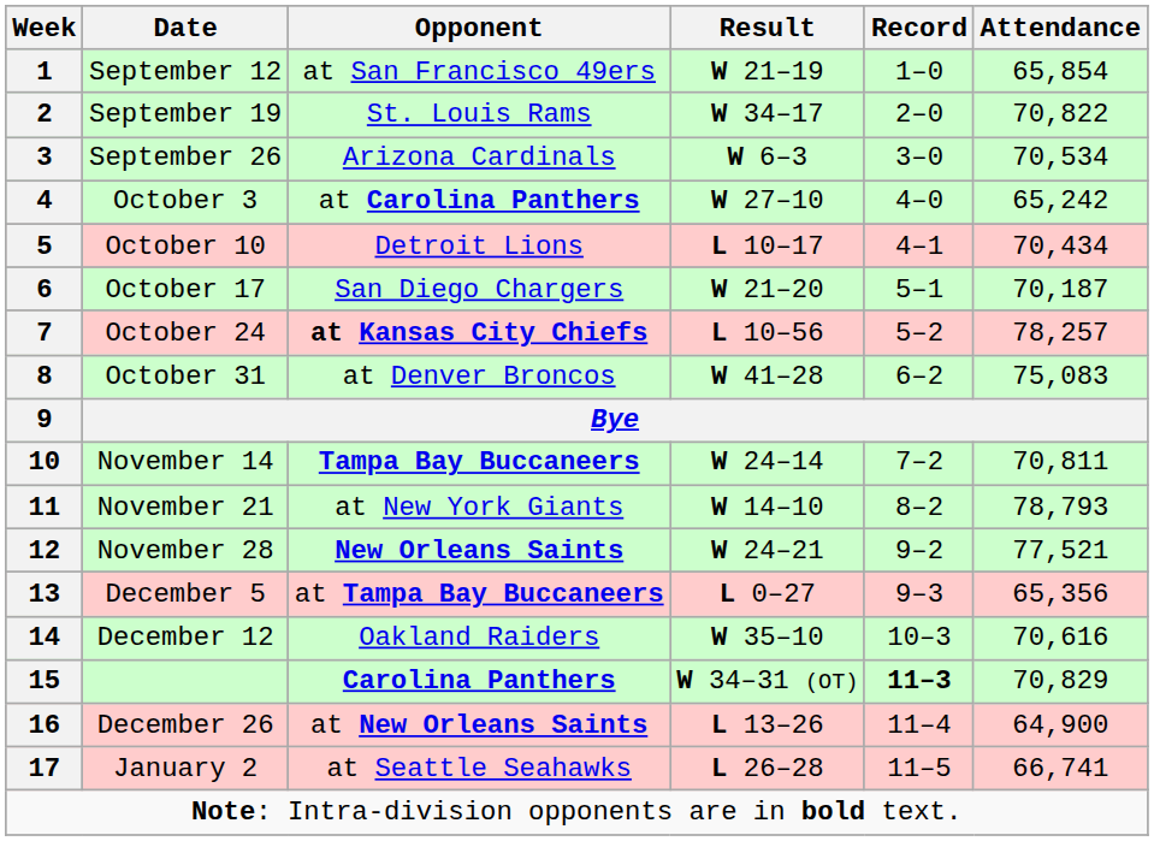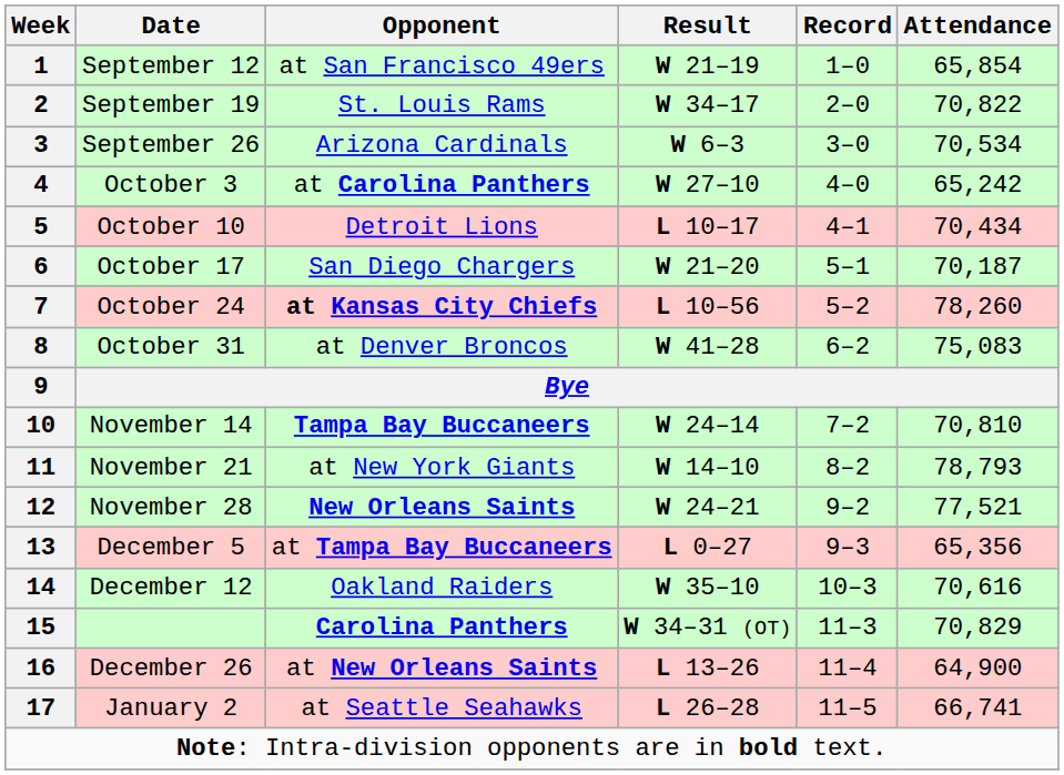 <table class="wikitable" style="text-align:center">
 <tr>
 <th>Week</th>
 <th>Date</th>
 <th>Opponent</th>
 <th>Result</th>
 <th>Record</th>
 <th>Attendance</th>
 </tr>
 <tr style="background:#cfc">
 <th>1</th>
 <td>September 12</td>
 <td>at <a href='#'>San Francisco 49ers</a></td>
 <td><strong>W</strong> 21–19</td>
 <td>1–0</td>
 <td>65,854</td>
 </tr>
 <tr style="background:#cfc">
 <th>2</th>
 <td>September 19</td>
 <td><a href='#'>St. Louis Rams</a></td>
 <td><strong>W</strong> 34–17</td>
 <td>2–0</td>
 <td>70,822</td>
 </tr>
 <tr style="background:#cfc">
 <th>3</th>
 <td>September 26</td>
 <td><a href='#'>Arizona Cardinals</a></td>
 <td><strong>W</strong> 6–3</td>
 <td>3–0</td>
 <td>70,534</td>
 </tr>
 <tr style="background:#cfc">
 <th>4</th>
 <td>October 3</td>
 <td>at <strong><a href='#'>Carolina Panthers</a></strong></td>
 <td><strong>W</strong> 27–10</td>
 <td>4–0</td>
 <td>65,242</td>
 </tr>
 <tr style="background:#fcc">
 <th>5</th>
 <td>October 10</td>
 <td><a href='#'>Detroit Lions</a></td>
 <td><strong>L</strong> 10–17</td>
 <td>4–1</td>
 <td>70,434</td>
 </tr>
 <tr style="background:#cfc">
 <th>6</th>
 <td>October 17</td>
 <td><a href='#'>San Diego Chargers</a></td>
 <td><strong>W</strong> 21–20</td>
 <td>5–1</td>
 <td>70,187</td>
 </tr>
 <tr style="background:#fcc">
 <th>7</th>
 <td>October 24</td>
 <td><strong>at <a href='#'>Kansas City Chiefs</a></strong></td>
 <td><strong>L</strong> 10–56</td>
 <td>5–2</td>
-<td>78,257</td>
+<td>78,260</td>
 </tr>
 <tr style="background:#cfc">
 <th>8</th>
 <td>October 31</td>
 <td>at <a href='#'>Denver Broncos</a></td>
 <td><strong>W</strong> 41–28</td>
 <td>6–2</td>
 <td>75,083</td>
 </tr>
 <tr>
 <th>9</th>
 <th colspan=5><em><a href='#'>Bye</a></em></th>
 </tr>
 <tr style="background:#cfc">
 <th>10</th>
 <td>November 14</td>
 <td><strong><a href='#'>Tampa Bay Buccaneers</a></strong></td>
 <td><strong>W</strong> 24–14</td>
 <td>7–2</td>
-<td>70,811</td>
+<td>70,810</td>
 </tr>
 <tr style="background:#cfc">
 <th>11</th>
 <td>November 21</td>
 <td>at <a href='#'>New York Giants</a></td>
 <td><strong>W</strong> 14–10</td>
 <td>8–2</td>
 <td>78,793</td>
 </tr>
 <tr style="background:#cfc">
 <th>12</th>
 <td>November 28</td>
 <td><strong><a href='#'>New Orleans Saints</a></strong></td>
 <td><strong>W</strong> 24–21</td>
 <td>9–2</td>
 <td>77,521</td>
 </tr>
 <tr style="background:#fcc">
 <th>13</th>
 <td>December 5</td>
 <td>at <strong><a href='#'>Tampa Bay Buccaneers</a></strong></td>
 <td><strong>L</strong> 0–27</td>
 <td>9–3</td>
 <td>65,356</td>
 </tr>
 <tr style="background:#cfc">
 <th>14</th>
 <td>December 12</td>
 <td><a href='#'>Oakland Raiders</a></td>
 <td><strong>W</strong> 35–10</td>
 <td>10–3</td>
 <td>70,616</td>
 </tr>
 <tr style="background:#cfc">
 <th>15</th>
 <td></td>
 <td><strong><a href='#'>Carolina Panthers</a></strong></td>
 <td><strong>W</strong> 34–31 <small>(OT)</small></td>
-<td><strong>11–3</strong></td>
+<td>11–3</td>
 <td>70,829</td>
 </tr>
 <tr style="background:#fcc">
 <th>16</th>
 <td>December 26</td>
 <td>at <strong><a href='#'>New Orleans Saints</a></strong></td>
 <td><strong>L</strong> 13–26</td>
 <td>11–4</td>
 <td>64,900</td>
 </tr>
 <tr style="background:#fcc">
 <th>17</th>
 <td>January 2</td>
 <td>at <a href='#'>Seattle Seahawks</a></td>
 <td><strong>L</strong> 26–28</td>
 <td>11–5</td>
 <td>66,741</td>
 </tr>
 <tr>
 <td colspan="6"><strong>Note</strong>: Intra-division opponents are in <strong>bold</strong> text.</td>
 </tr>
 </table>
